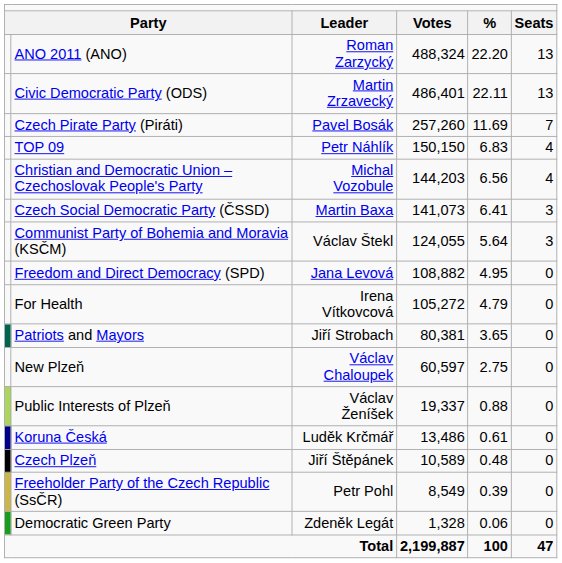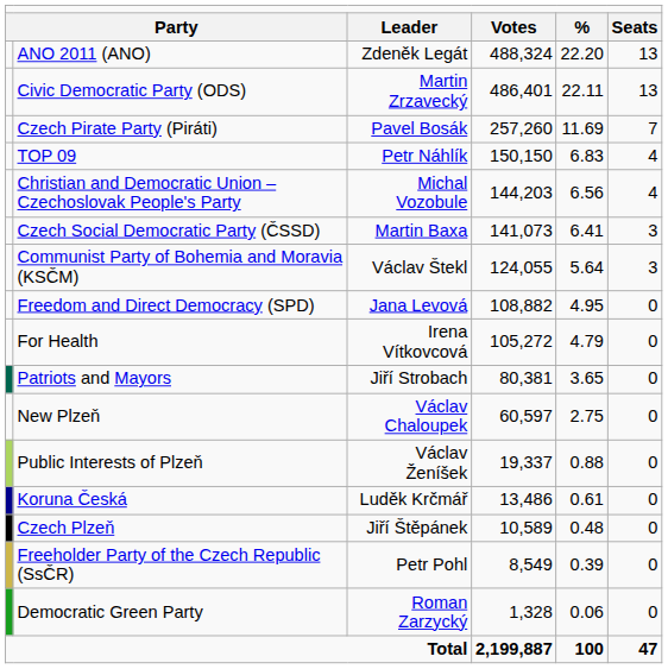 <table class=wikitable style=text-align:right>
 <tr>
 <td colspan=6 align=center></td>
 </tr>
 <tr>
 <th colspan=2>Party</th>
 <th>Leader</th>
 <th>Votes</th>
 <th>%</th>
 <th>Seats</th>
 </tr>
 <tr>
 <td></td>
 <td align=left><a href='#'>ANO 2011</a> (ANO)</td>
-<td><a href='#'>Roman Zarzycký</a></td>
+<td>Zdeněk Legát</td>
 <td>488,324</td>
 <td>22.20</td>
 <td>13</td>
 </tr>
 <tr>
 <td></td>
 <td align=left><a href='#'>Civic Democratic Party</a> (ODS)</td>
 <td><a href='#'>Martin Zrzavecký</a></td>
 <td>486,401</td>
 <td>22.11</td>
 <td>13</td>
 </tr>
 <tr>
 <td></td>
 <td align=left><a href='#'>Czech Pirate Party</a> (Piráti)</td>
 <td><a href='#'>Pavel Bosák</a></td>
 <td>257,260</td>
 <td>11.69</td>
 <td>7</td>
 </tr>
 <tr>
 <td></td>
 <td align=left><a href='#'>TOP 09</a></td>
 <td><a href='#'>Petr Náhlík</a></td>
 <td>150,150</td>
 <td>6.83</td>
 <td>4</td>
 </tr>
 <tr>
 <td></td>
 <td align=left><a href='#'>Christian and Democratic Union – Czechoslovak People's Party</a></td>
 <td><a href='#'>Michal Vozobule</a></td>
 <td>144,203</td>
 <td>6.56</td>
 <td>4</td>
 </tr>
 <tr>
 <td></td>
 <td align=left><a href='#'>Czech Social Democratic Party</a> (ČSSD)</td>
 <td><a href='#'>Martin Baxa</a></td>
 <td>141,073</td>
 <td>6.41</td>
 <td>3</td>
 </tr>
 <tr>
 <td></td>
 <td align=left><a href='#'>Communist Party of Bohemia and Moravia</a> (KSČM)</td>
 <td>Václav Štekl</td>
 <td>124,055</td>
 <td>5.64</td>
 <td>3</td>
 </tr>
 <tr>
 <td></td>
 <td align=left><a href='#'>Freedom and Direct Democracy</a> (SPD)</td>
 <td><a href='#'>Jana Levová</a></td>
 <td>108,882</td>
 <td>4.95</td>
 <td>0</td>
 </tr>
 <tr>
 <td></td>
 <td align=left>For Health</td>
 <td>Irena Vítkovcová</td>
 <td>105,272</td>
 <td>4.79</td>
 <td>0</td>
 </tr>
 <tr>
 <td style="background:#00654E;"></td>
 <td align=left><a href='#'>Patriots</a> and <a href='#'>Mayors</a></td>
 <td>Jiří Strobach</td>
 <td>80,381</td>
 <td>3.65</td>
 <td>0</td>
 </tr>
 <tr>
 <td></td>
 <td align=left>New Plzeň</td>
 <td><a href='#'>Václav Chaloupek</a></td>
 <td>60,597</td>
 <td>2.75</td>
 <td>0</td>
 </tr>
 <tr>
 <td style="background:#ACD55F;"></td>
 <td align=left>Public Interests of Plzeň</td>
 <td>Václav Ženíšek</td>
 <td>19,337</td>
 <td>0.88</td>
 <td>0</td>
 </tr>
 <tr>
 <td style="background:#00008B;"></td>
 <td align=left><a href='#'>Koruna Česká</a></td>
 <td>Luděk Krčmář</td>
 <td>13,486</td>
 <td>0.61</td>
 <td>0</td>
 </tr>
 <tr>
 <td bgcolor="black"></td>
 <td align=left><a href='#'>Czech Plzeň</a></td>
 <td>Jiří Štěpánek</td>
 <td>10,589</td>
 <td>0.48</td>
 <td>0</td>
 </tr>
 <tr>
 <td bgcolor="#cdb649"></td>
 <td align=left><a href='#'>Freeholder Party of the Czech Republic</a> (SsČR)</td>
 <td>Petr Pohl</td>
 <td>8,549</td>
 <td>0.39</td>
 <td>0</td>
 </tr>
 <tr>
 <td style="background:#179E1E;"></td>
 <td align=left>Democratic Green Party</td>
-<td>Zdeněk Legát</td>
+<td><a href='#'>Roman Zarzycký</a></td>
 <td>1,328</td>
 <td>0.06</td>
 <td>0</td>
 </tr>
 <tr>
 <td colspan="3"><strong>Total</strong></td>
 <td><strong>2,199,887</strong></td>
 <td><strong>100</strong></td>
 <td><strong>47</strong></td>
 </tr>
 </table>
